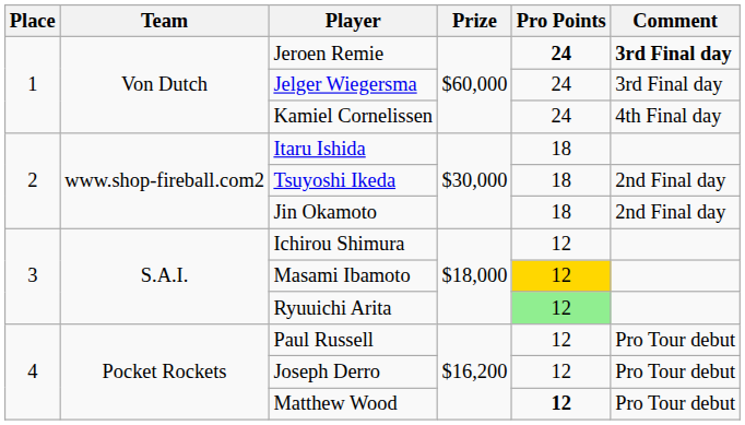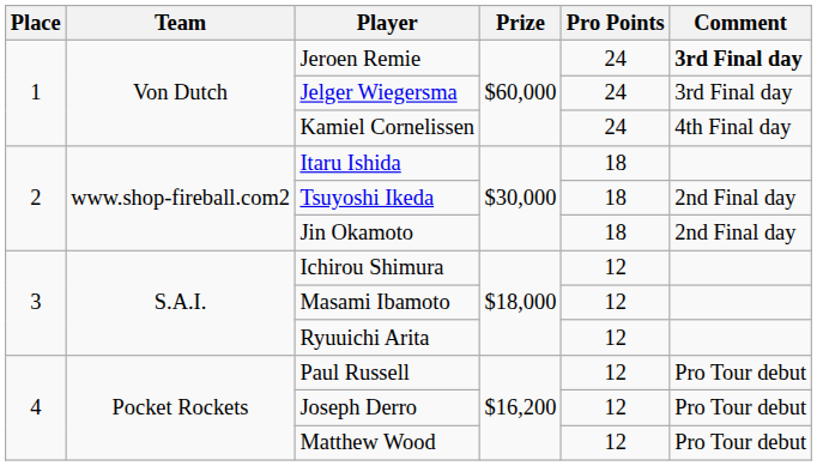 <table class="wikitable">
 <tr>
 <th>Place</th>
 <th>Team</th>
 <th>Player</th>
 <th>Prize</th>
 <th>Pro Points</th>
 <th>Comment</th>
 </tr>
 <tr>
 <td align=center rowspan=3>1</td>
 <td align=center rowspan=3>Von Dutch</td>
 <td> Jeroen Remie</td>
 <td align=center rowspan=3>$60,000</td>
-<td align=center><strong>24</strong></td>
+<td align=center>24</td>
 <td><strong>3rd Final day</strong></td>
 </tr>
 <tr>
 <td> <a href='#'>Jelger Wiegersma</a></td>
 <td align=center>24</td>
 <td>3rd Final day</td>
 </tr>
 <tr>
 <td> Kamiel Cornelissen</td>
 <td align=center>24</td>
 <td>4th Final day</td>
 </tr>
 <tr>
 <td align=center rowspan=3>2</td>
 <td align=center rowspan=3>www.shop-fireball.com2</td>
 <td> <a href='#'>Itaru Ishida</a></td>
 <td align=center rowspan=3>$30,000</td>
 <td align=center>18</td>
 <td></td>
 </tr>
 <tr>
 <td> <a href='#'>Tsuyoshi Ikeda</a></td>
 <td align=center>18</td>
 <td>2nd Final day</td>
 </tr>
 <tr>
 <td> Jin Okamoto</td>
 <td align=center>18</td>
 <td>2nd Final day</td>
 </tr>
 <tr>
 <td align=center rowspan=3>3</td>
 <td align=center rowspan=3>S.A.I.</td>
 <td> Ichirou Shimura</td>
 <td align=center rowspan=3>$18,000</td>
 <td align=center>12</td>
 <td></td>
 </tr>
 <tr>
 <td> Masami Ibamoto</td>
-<td align=center style="background: gold;">12</td>
+<td align=center>12</td>
 <td></td>
 </tr>
 <tr>
 <td> Ryuuichi Arita</td>
-<td align=center style="background: lightgreen;">12</td>
+<td align=center>12</td>
 <td></td>
 </tr>
 <tr>
 <td align=center rowspan=3>4</td>
 <td align=center rowspan=3>Pocket Rockets</td>
 <td> Paul Russell</td>
 <td align=center rowspan=3>$16,200</td>
 <td align=center>12</td>
 <td>Pro Tour debut</td>
 </tr>
 <tr>
 <td> Joseph Derro</td>
 <td align=center>12</td>
 <td>Pro Tour debut</td>
 </tr>
 <tr>
 <td> Matthew Wood</td>
-<td align=center><strong>12</strong></td>
+<td align=center>12</td>
 <td>Pro Tour debut</td>
 </tr>
 </table>
